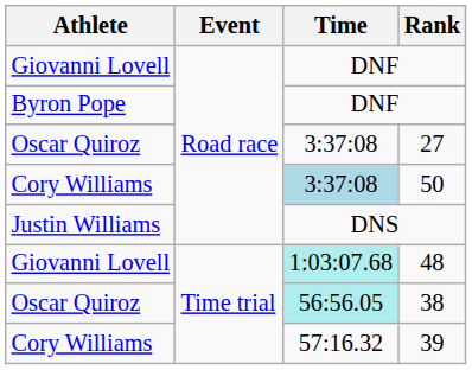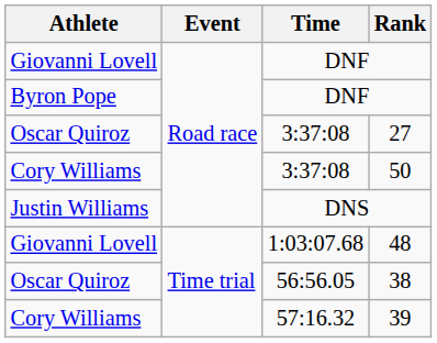 <table class=wikitable style="font-size:90%;">
 <tr>
 <th>Athlete</th>
 <th>Event</th>
 <th>Time</th>
 <th>Rank</th>
 </tr>
 <tr align=center>
 <td align=left><a href='#'>Giovanni Lovell</a></td>
 <td align=left rowspan=5><a href='#'>Road race</a></td>
 <td colspan=2>DNF</td>
 </tr>
 <tr align=center>
 <td align=left><a href='#'>Byron Pope</a></td>
 <td colspan=2>DNF</td>
 </tr>
 <tr align=center>
 <td align=left><a href='#'>Oscar Quiroz</a></td>
 <td>3:37:08</td>
 <td>27</td>
 </tr>
 <tr align=center>
 <td align=left><a href='#'>Cory Williams</a></td>
-<td style="background: lightblue;">3:37:08</td>
+<td>3:37:08</td>
 <td>50</td>
 </tr>
 <tr align=center>
 <td align=left><a href='#'>Justin Williams</a></td>
 <td colspan=2>DNS</td>
 </tr>
 <tr align=center>
 <td align=left><a href='#'>Giovanni Lovell</a></td>
 <td align=left rowspan=3><a href='#'>Time trial</a></td>
-<td style="background: paleturquoise;">1:03:07.68</td>
+<td>1:03:07.68</td>
 <td>48</td>
 </tr>
 <tr align=center>
 <td align=left><a href='#'>Oscar Quiroz</a></td>
-<td style="background: paleturquoise;">56:56.05</td>
+<td>56:56.05</td>
 <td>38</td>
 </tr>
 <tr align=center>
 <td align=left><a href='#'>Cory Williams</a></td>
 <td>57:16.32</td>
 <td>39</td>
 </tr>
 </table>
